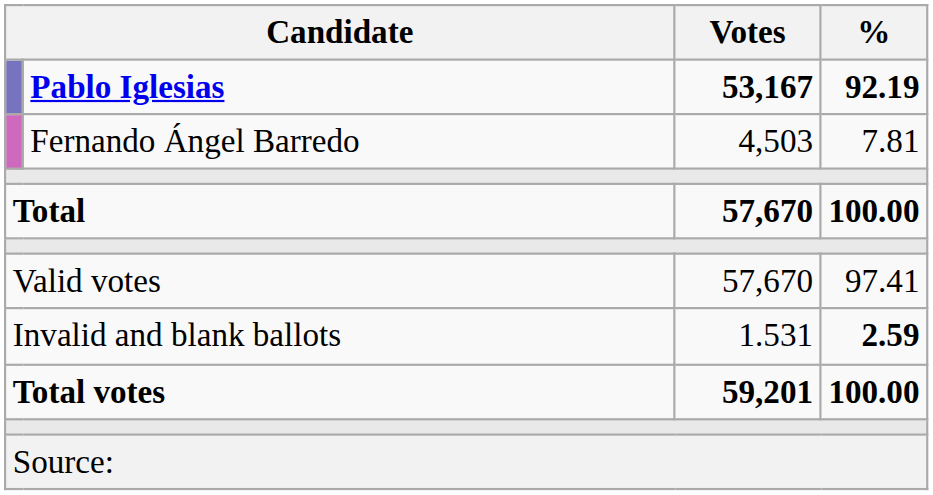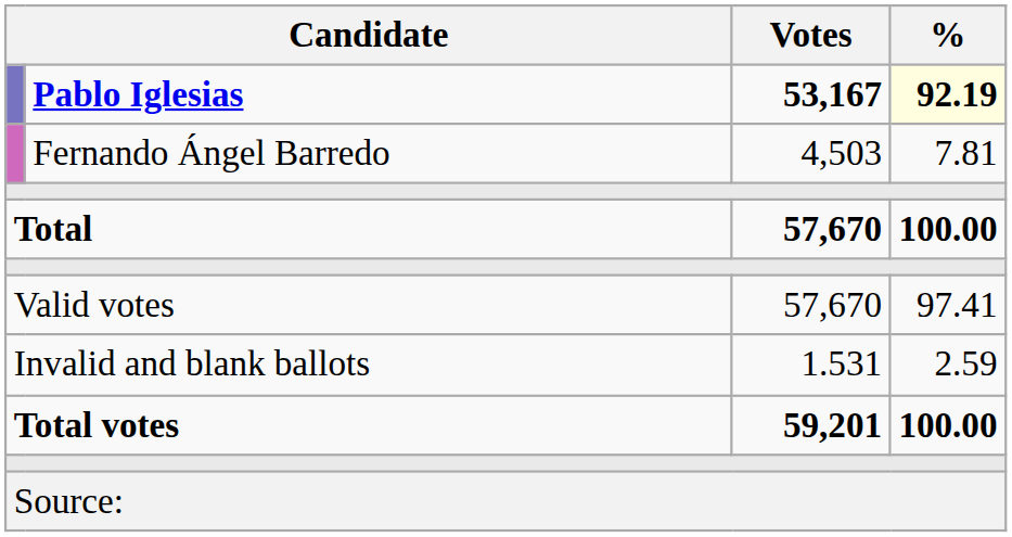 <table class="wikitable" style="text-align:right; font-size:95%;">
 <tr>
 <th colspan="2" width="300">Candidate</th>
 <th width="60">Votes</th>
 <th width="40">%</th>
 </tr>
 <tr>
 <td width="1" bgcolor="#7873C0"></td>
 <td align="left"><strong><a href='#'>Pablo Iglesias</a></strong></td>
 <td><strong>53,167</strong></td>
-<td><strong>92.19</strong></td>
+<td style="background: lightyellow;"><strong>92.19</strong></td>
 </tr>
 <tr>
 <td bgcolor="#CE69BE"></td>
 <td align="left">Fernando Ángel Barredo</td>
 <td>4,503</td>
 <td>7.81</td>
 </tr>
 <tr>
 <td colspan="4" bgcolor="#E9E9E9"></td>
 </tr>
 <tr style="font-weight:bold;">
 <td colspan="2" align="left">Total</td>
 <td>57,670</td>
 <td>100.00</td>
 </tr>
 <tr>
 <td colspan="4" bgcolor="#E9E9E9"></td>
 </tr>
 <tr>
 <td colspan="2" align="left">Valid votes</td>
 <td>57,670</td>
 <td>97.41</td>
 </tr>
 <tr>
 <td colspan="2" align="left">Invalid and blank ballots</td>
 <td>1.531</td>
-<td><strong>2.59</strong></td>
+<td>2.59</td>
 </tr>
 <tr style="font-weight:bold;">
 <td colspan="2" align="left">Total votes</td>
 <td>59,201</td>
 <td>100.00</td>
 </tr>
 <tr>
 <td colspan="4" bgcolor="#E9E9E9"></td>
 </tr>
 <tr style="background-color:#F2F2F2">
 <td colspan="4" align="left">Source:  </td>
 </tr>
 </table>
